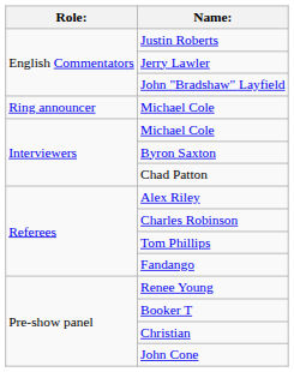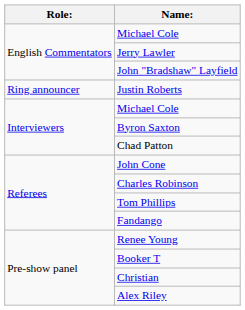 <table class=wikitable style="font-size:90%; margin: 0.5em 0 0.5em 1em; float: right; clear: right;">
 <tr>
 <th>Role:</th>
 <th>Name:</th>
 </tr>
 <tr>
 <td rowspan=3>English <a href='#'>Commentators</a></td>
-<td><a href='#'>Justin Roberts</a></td>
+<td><a href='#'>Michael Cole</a></td>
 </tr>
 <tr>
 <td><a href='#'>Jerry Lawler</a></td>
 </tr>
 <tr>
 <td><a href='#'>John "Bradshaw" Layfield</a></td>
 </tr>
 <tr>
 <td><a href='#'>Ring announcer</a></td>
-<td><a href='#'>Michael Cole</a></td>
+<td><a href='#'>Justin Roberts</a></td>
 </tr>
 <tr>
 <td rowspan=3><a href='#'>Interviewers</a></td>
 <td><a href='#'>Michael Cole</a></td>
 </tr>
 <tr>
 <td><a href='#'>Byron Saxton</a></td>
 </tr>
 <tr>
 <td>Chad Patton</td>
 </tr>
 <tr>
 <td rowspan=4><a href='#'>Referees</a></td>
-<td><a href='#'>Alex Riley</a></td>
+<td><a href='#'>John Cone</a></td>
 </tr>
 <tr>
 <td><a href='#'>Charles Robinson</a></td>
 </tr>
 <tr>
 <td><a href='#'>Tom Phillips</a></td>
 </tr>
 <tr>
 <td><a href='#'>Fandango</a> </td>
 </tr>
 <tr>
 <td rowspan=4>Pre-show panel</td>
 <td><a href='#'>Renee Young</a></td>
 </tr>
 <tr>
 <td><a href='#'>Booker T</a></td>
 </tr>
 <tr>
 <td><a href='#'>Christian</a></td>
 </tr>
 <tr>
-<td><a href='#'>John Cone</a></td>
+<td><a href='#'>Alex Riley</a></td>
 </tr>
 </table>
